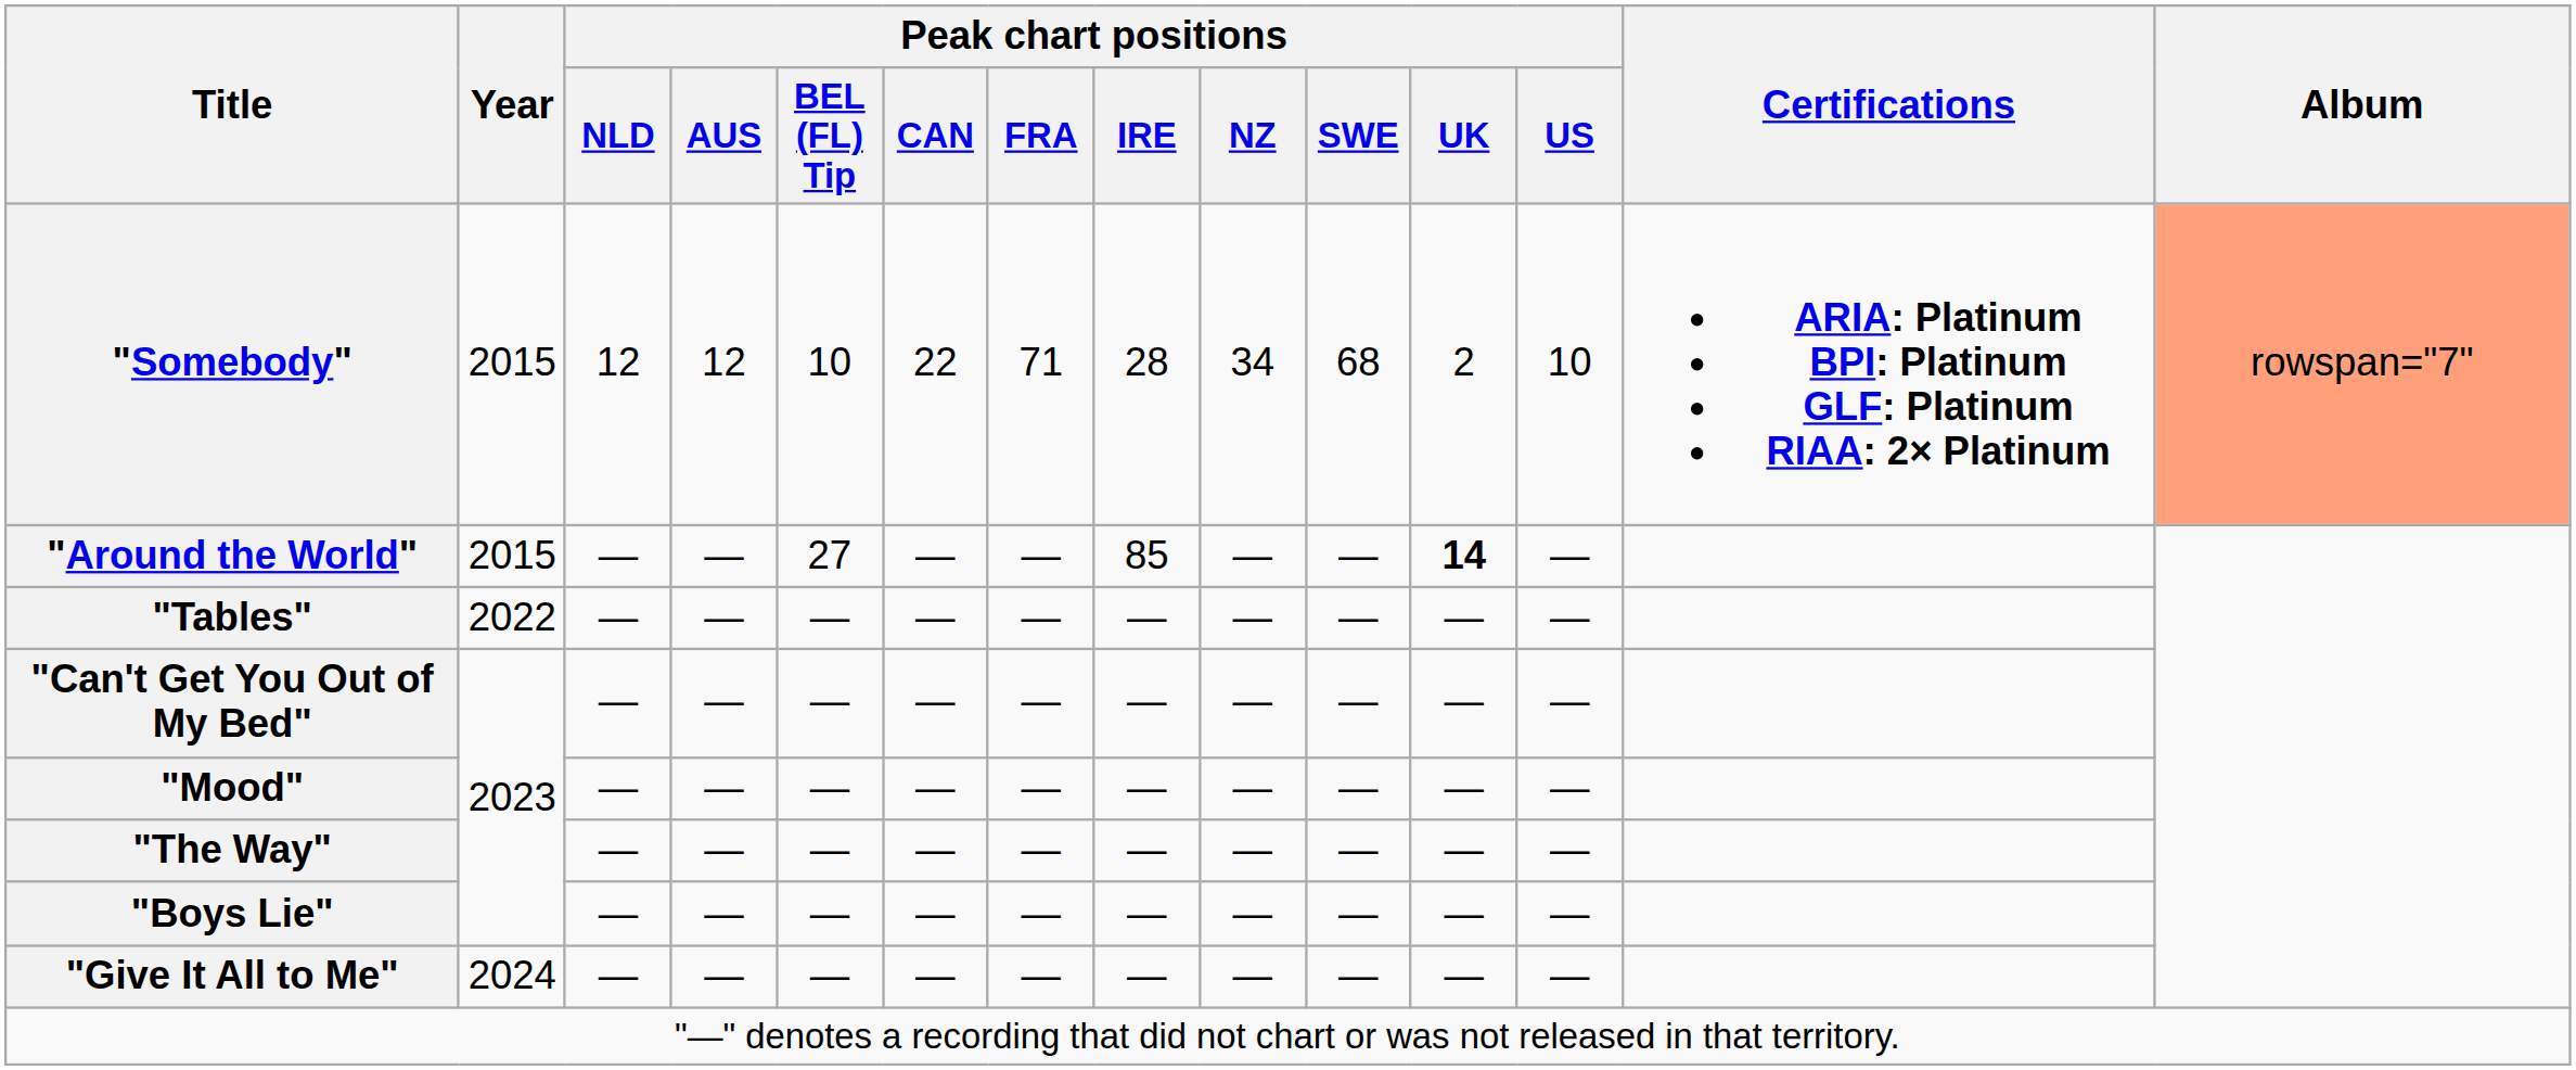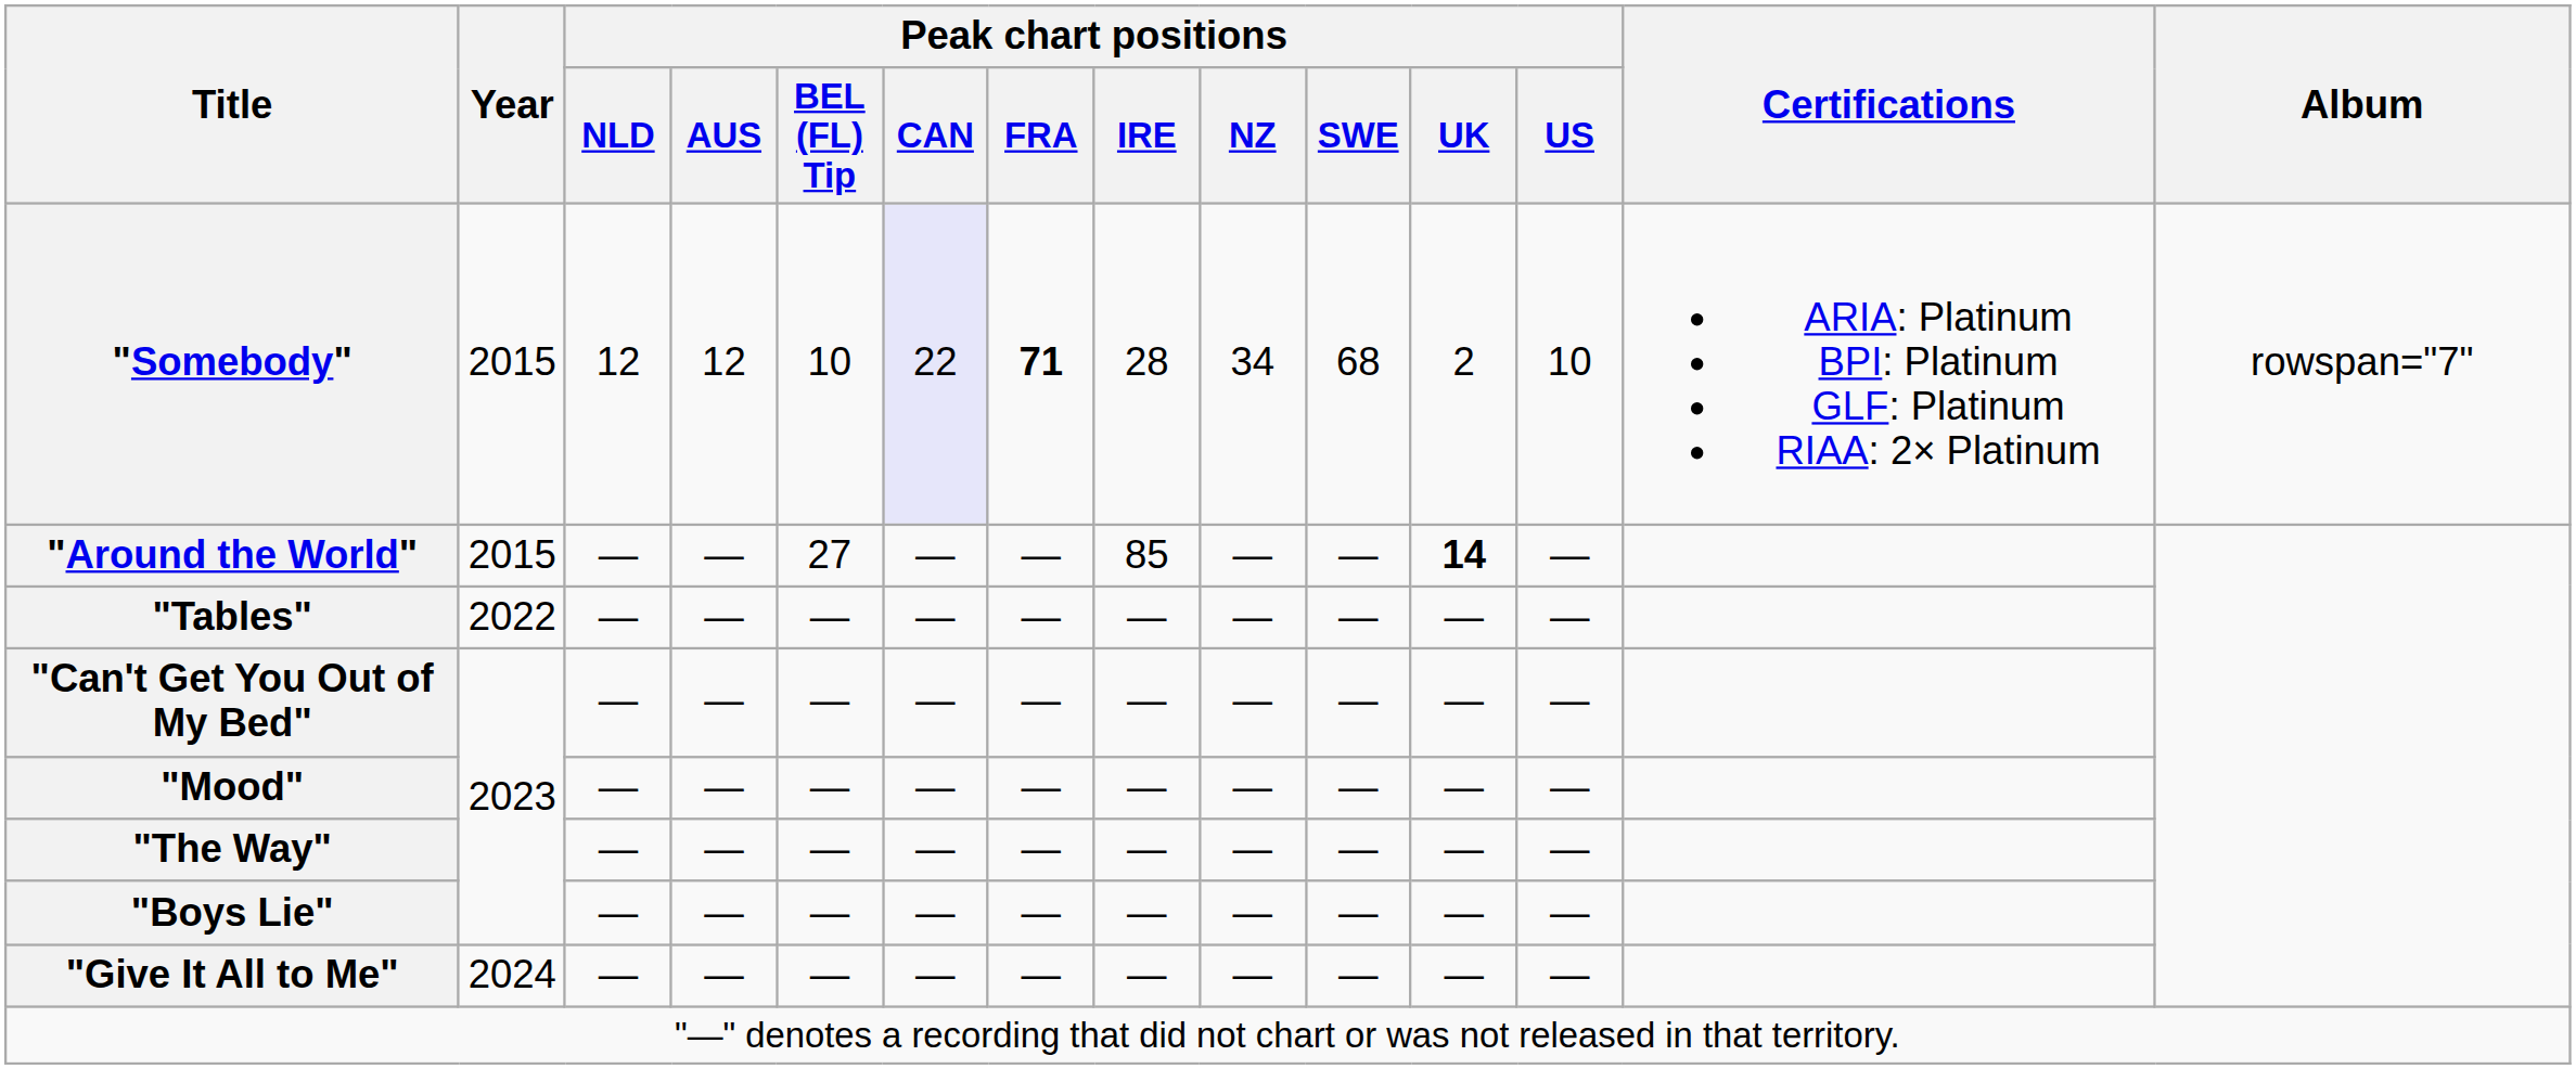 <table class="wikitable plainrowheaders" style="text-align:center;">
 <tr>
 <th scope="col" rowspan="2" style="width:11em;">Title</th>
 <th scope="col" rowspan="2" style="width:1em;">Year</th>
 <th scope="col" colspan="10">Peak chart positions</th>
 <th scope="col" rowspan="2" style="width:13em;"><a href='#'>Certifications</a></th>
 <th scope="col" rowspan="2" style="width:10em;">Album</th>
 </tr>
 <tr>
 <th scope="col" style="width:2.5em;font-size:90%;"><a href='#'>NLD</a><br></th>
 <th scope="col" style="width:2.5em;font-size:90%;"><a href='#'>AUS</a><br></th>
 <th scope="col" style="width:2.5em;font-size:90%;"><a href='#'>BEL<br>(FL)<br>Tip</a><br></th>
 <th scope="col" style="width:2.5em;font-size:90%;"><a href='#'>CAN</a><br></th>
 <th scope="col" style="width:2.5em;font-size:90%;"><a href='#'>FRA</a><br></th>
 <th scope="col" style="width:2.5em;font-size:90%;"><a href='#'>IRE</a><br></th>
 <th scope="col" style="width:2.5em;font-size:90%;"><a href='#'>NZ</a><br></th>
 <th scope="col" style="width:2.5em;font-size:90%;"><a href='#'>SWE</a><br></th>
 <th scope="col" style="width:2.5em;font-size:90%;"><a href='#'>UK</a><br></th>
 <th scope="col" style="width:2.5em;font-size:90%;"><a href='#'>US</a><br></th>
 </tr>
 <tr>
 <th scope="row">"<a href='#'>Somebody</a>"<br></th>
 <td>2015</td>
 <td>12</td>
 <td>12</td>
 <td>10</td>
-<td>22</td>
-<td>71</td>
+<td style="background: lavender;">22</td>
+<td><strong>71</strong></td>
 <td>28</td>
 <td>34</td>
 <td>68</td>
 <td>2</td>
 <td>10</td>
-<td><strong><br><ul><li><a href='#'>ARIA</a>: Platinum</li><li><a href='#'>BPI</a>: Platinum</li><li><a href='#'>GLF</a>: Platinum</li><li><a href='#'>RIAA</a>: 2× Platinum</li></ul></strong></td>
-<td style="background: lightsalmon;">rowspan="7" </td>
+<td><br><ul><li><a href='#'>ARIA</a>: Platinum</li><li><a href='#'>BPI</a>: Platinum</li><li><a href='#'>GLF</a>: Platinum</li><li><a href='#'>RIAA</a>: 2× Platinum</li></ul></td>
+<td>rowspan="7" </td>
 </tr>
 <tr>
 <th scope="row">"<a href='#'>Around the World</a>"<br></th>
 <td>2015</td>
 <td>—</td>
 <td>—</td>
 <td>27</td>
 <td>—</td>
 <td>—</td>
 <td>85</td>
 <td>—</td>
 <td>—</td>
 <td><strong>14</strong></td>
 <td>—</td>
 <td></td>
 </tr>
 <tr>
 <th scope="row">"Tables"</th>
 <td>2022</td>
 <td>—</td>
 <td>—</td>
 <td>—</td>
 <td>—</td>
 <td>—</td>
 <td>—</td>
 <td>—</td>
 <td>—</td>
 <td>—</td>
 <td>—</td>
 <td></td>
 </tr>
 <tr>
 <th scope="row">"Can't Get You Out of My Bed" <br></th>
 <td rowspan="4">2023</td>
 <td>—</td>
 <td>—</td>
 <td>—</td>
 <td>—</td>
 <td>—</td>
 <td>—</td>
 <td>—</td>
 <td>—</td>
 <td>—</td>
 <td>—</td>
 <td></td>
 </tr>
 <tr>
 <th scope="row">"Mood"</th>
 <td>—</td>
 <td>—</td>
 <td>—</td>
 <td>—</td>
 <td>—</td>
 <td>—</td>
 <td>—</td>
 <td>—</td>
 <td>—</td>
 <td>—</td>
 <td></td>
 </tr>
 <tr>
 <th scope="row">"The Way"</th>
 <td>—</td>
 <td>—</td>
 <td>—</td>
 <td>—</td>
 <td>—</td>
 <td>—</td>
 <td>—</td>
 <td>—</td>
 <td>—</td>
 <td>—</td>
 <td></td>
 </tr>
 <tr>
 <th scope="row">"Boys Lie"</th>
 <td>—</td>
 <td>—</td>
 <td>—</td>
 <td>—</td>
 <td>—</td>
 <td>—</td>
 <td>—</td>
 <td>—</td>
 <td>—</td>
 <td>—</td>
 <td></td>
 </tr>
 <tr>
 <th scope="row">"Give It All to Me"</th>
 <td>2024</td>
 <td>—</td>
 <td>—</td>
 <td>—</td>
 <td>—</td>
 <td>—</td>
 <td>—</td>
 <td>—</td>
 <td>—</td>
 <td>—</td>
 <td>—</td>
 <td></td>
 </tr>
 <tr>
 <td colspan="14" style="font-size:90%">"—" denotes a recording that did not chart or was not released in that territory.</td>
 </tr>
 </table>
